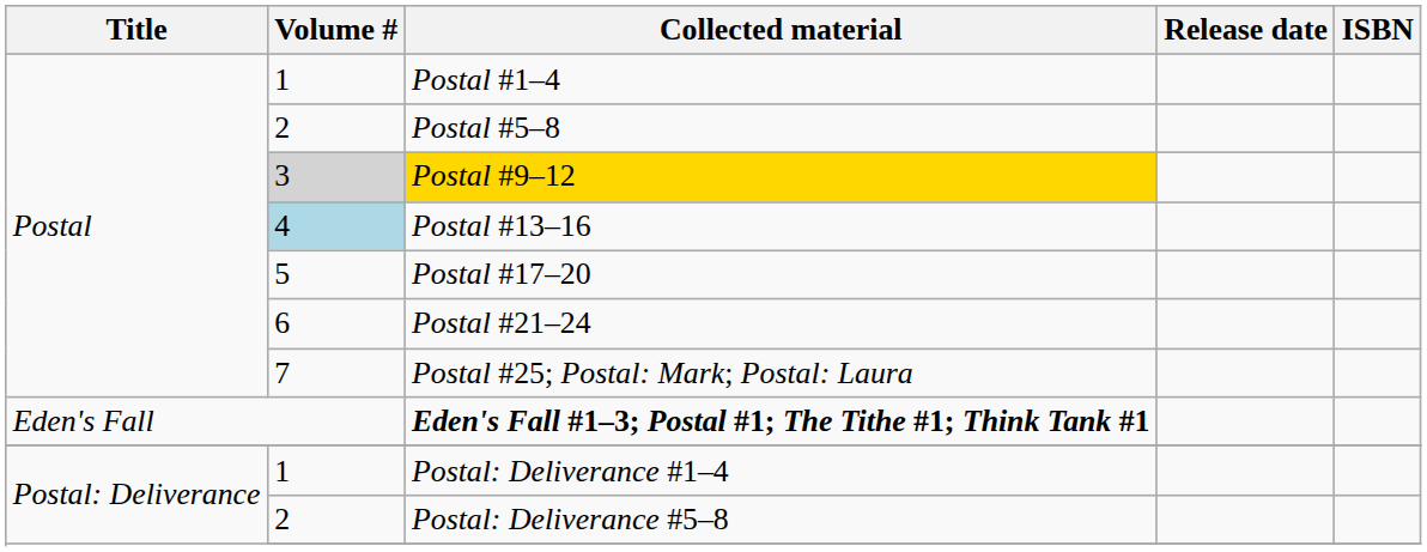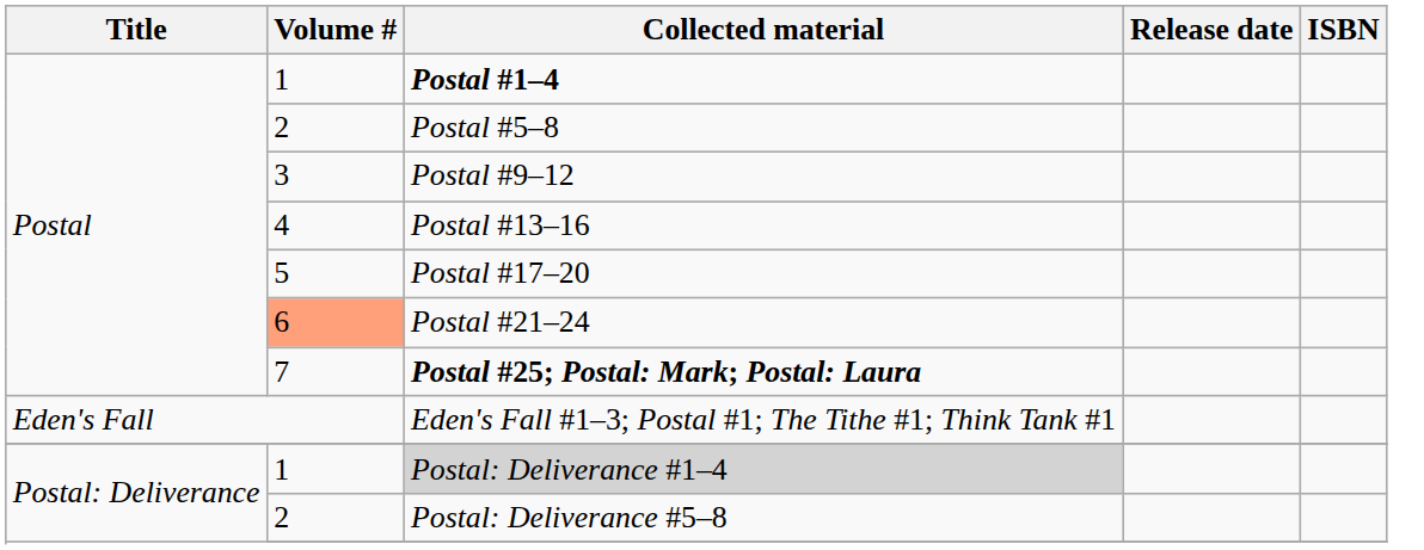 <table class="wikitable">
 <tr>
 <th>Title</th>
 <th>Volume #</th>
 <th>Collected material</th>
 <th>Release date</th>
 <th>ISBN</th>
 </tr>
 <tr>
 <td rowspan="7"><em>Postal</em></td>
 <td>1</td>
-<td><em>Postal</em> #1–4</td>
+<td><strong><em>Postal</em> #1–4</strong></td>
 <td></td>
 <td></td>
 </tr>
 <tr>
 <td>2</td>
 <td><em>Postal</em> #5–8</td>
 <td></td>
 <td></td>
 </tr>
 <tr>
-<td style="background: lightgrey;">3</td>
-<td style="background: gold;"><em>Postal</em> #9–12</td>
+<td>3</td>
+<td><em>Postal</em> #9–12</td>
 <td></td>
 <td></td>
 </tr>
 <tr>
-<td style="background: lightblue;">4</td>
+<td>4</td>
 <td><em>Postal</em> #13–16</td>
 <td></td>
 <td></td>
 </tr>
 <tr>
 <td>5</td>
 <td><em>Postal</em> #17–20</td>
 <td></td>
 <td></td>
 </tr>
 <tr>
-<td>6</td>
+<td style="background: lightsalmon;">6</td>
 <td><em>Postal</em> #21–24</td>
 <td></td>
 <td></td>
 </tr>
 <tr>
 <td>7</td>
-<td><em>Postal</em> #25; <em>Postal: Mark</em>; <em>Postal: Laura</em></td>
+<td><strong><em>Postal</em> #25; <em>Postal: Mark</em>; <em>Postal: Laura</em></strong></td>
 <td></td>
 <td></td>
 </tr>
 <tr>
 <td colspan="2"><em>Eden's Fall</em></td>
-<td><strong><em>Eden's Fall</em> #1–3; <em>Postal</em> #1; <em>The Tithe</em> #1; <em>Think Tank</em> #1</strong></td>
+<td><em>Eden's Fall</em> #1–3; <em>Postal</em> #1; <em>The Tithe</em> #1; <em>Think Tank</em> #1</td>
 <td></td>
 <td></td>
 </tr>
 <tr>
 </tr>
 <tr>
 <td rowspan="7"><em>Postal: Deliverance</em></td>
 </tr>
 <tr>
 <td>1</td>
-<td><em>Postal: Deliverance</em> #1–4</td>
+<td style="background: lightgrey;"><em>Postal: Deliverance</em> #1–4</td>
 <td></td>
 <td></td>
 </tr>
 <tr>
 <td>2</td>
 <td><em>Postal: Deliverance</em> #5–8</td>
 <td></td>
 <td></td>
 </tr>
 <tr>
 </tr>
 </table>
